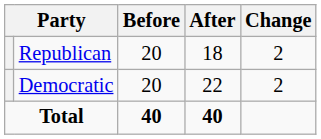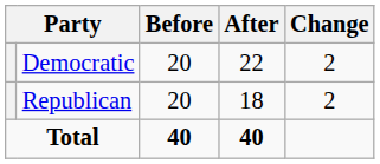 <table class="wikitable" style="text-align:center;">
 <tr>
 <th colspan="2">Party</th>
 <th>Before</th>
 <th>After</th>
 <th>Change</th>
 </tr>
 <tr>
 <th style="background-color:"></th>
-<td style="text-align:left;"><a href='#'>Republican</a></td>
+<td style="text-align:left;"><a href='#'>Democratic</a></td>
 <td>20</td>
-<td>18</td>
+<td>22</td>
 <td> 2</td>
 </tr>
 <tr>
 <th style="background-color:"></th>
-<td style="text-align:left;"><a href='#'>Democratic</a></td>
+<td style="text-align:left;"><a href='#'>Republican</a></td>
 <td>20</td>
-<td>22</td>
+<td>18</td>
 <td> 2</td>
 </tr>
 <tr>
 <td colspan="2"><strong>Total</strong></td>
 <td><strong>40</strong></td>
 <td><strong>40</strong></td>
 </tr>
 </table>
